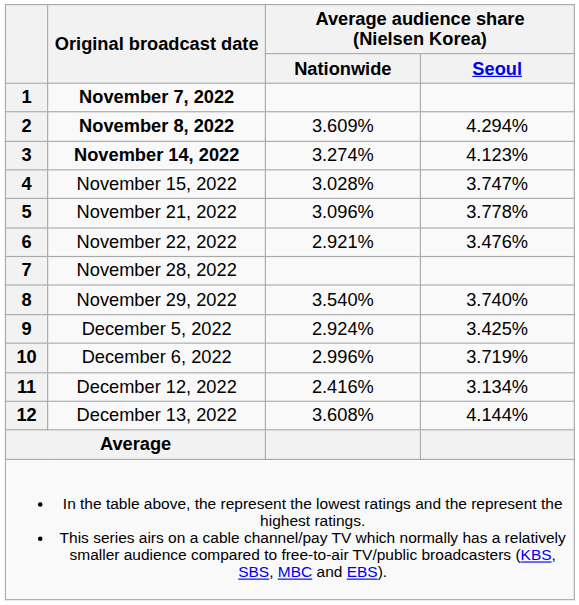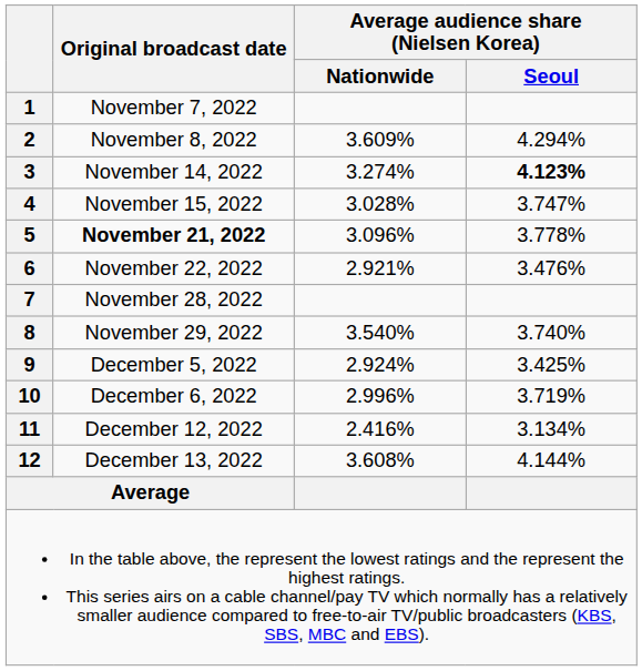 <table class="wikitable" style="margin-left:auto; margin-right:auto; width:500px; text-align:center">
 <tr>
 <th scope="col" rowspan="2"></th>
 <th scope="col" rowspan="2">Original broadcast date</th>
 <th scope="col" colspan="2">Average audience share<br>(Nielsen Korea)</th>
 </tr>
 <tr>
 <th scope="col" style="width:8em">Nationwide</th>
 <th scope="col" style="width:8em"><a href='#'>Seoul</a></th>
 </tr>
 <tr>
 <th scope="col">1</th>
-<td><strong>November 7, 2022</strong></td>
+<td>November 7, 2022</td>
 <td><strong></strong> </td>
 <td><strong></strong> </td>
 </tr>
 <tr>
 <th scope="col">2</th>
-<td><strong>November 8, 2022</strong></td>
+<td>November 8, 2022</td>
 <td>3.609% </td>
 <td>4.294% </td>
 </tr>
 <tr>
 <th scope="col">3</th>
-<td><strong>November 14, 2022</strong></td>
+<td>November 14, 2022</td>
 <td>3.274% </td>
-<td>4.123% </td>
+<td><strong>4.123% </strong></td>
 </tr>
 <tr>
 <th scope="col">4</th>
 <td>November 15, 2022</td>
 <td>3.028% </td>
 <td>3.747% </td>
 </tr>
 <tr>
 <th scope="col">5</th>
-<td>November 21, 2022</td>
+<td><strong>November 21, 2022</strong></td>
 <td>3.096% </td>
 <td>3.778% </td>
 </tr>
 <tr>
 <th scope="col">6</th>
 <td>November 22, 2022</td>
 <td>2.921% </td>
 <td>3.476% </td>
 </tr>
 <tr>
 <th scope="col">7</th>
 <td>November 28, 2022</td>
 <td><strong></strong> </td>
 <td><strong></strong> </td>
 </tr>
 <tr>
 <th scope="col">8</th>
 <td>November 29, 2022</td>
 <td>3.540% </td>
 <td>3.740% </td>
 </tr>
 <tr>
 <th scope="col">9</th>
 <td>December 5, 2022</td>
 <td>2.924% </td>
 <td>3.425% </td>
 </tr>
 <tr>
 <th scope="col">10</th>
 <td>December 6, 2022</td>
 <td>2.996% </td>
 <td>3.719% </td>
 </tr>
 <tr>
 <th scope="col">11</th>
 <td>December 12, 2022</td>
 <td>2.416% </td>
 <td>3.134% </td>
 </tr>
 <tr>
 <th scope="col">12</th>
 <td>December 13, 2022</td>
 <td>3.608% </td>
 <td>4.144% </td>
 </tr>
 <tr>
 <th scope="col" colspan="2">Average</th>
 <th scope="col"></th>
 <th scope="col"></th>
 </tr>
 <tr>
 <td colspan="4" style="font-size:85%"><br><ul><li>In the table above, the <strong></strong> represent the lowest ratings and the <strong></strong> represent the highest ratings.</li><li>This series airs on a cable channel/pay TV which normally has a relatively smaller audience compared to free-to-air TV/public broadcasters (<a href='#'>KBS</a>, <a href='#'>SBS</a>, <a href='#'>MBC</a> and <a href='#'>EBS</a>).</li></ul></td>
 </tr>
 </table>
